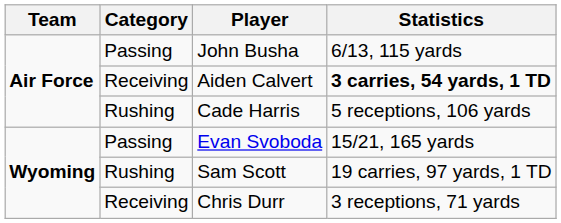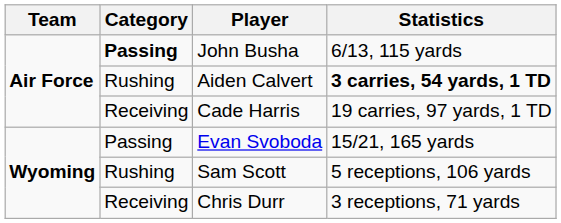 <table class="wikitable" style="float: right;">
 <tr>
 <th>Team</th>
 <th>Category</th>
 <th>Player</th>
 <th>Statistics</th>
 </tr>
 <tr>
 <td rowspan=3><strong>Air Force</strong></td>
-<td>Passing</td>
+<td><strong>Passing</strong></td>
 <td>John Busha</td>
 <td>6/13, 115 yards</td>
 </tr>
 <tr>
-<td>Receiving</td>
+<td>Rushing</td>
 <td>Aiden Calvert</td>
 <td><strong>3 carries, 54 yards, 1 TD</strong></td>
 </tr>
 <tr>
-<td>Rushing</td>
+<td>Receiving</td>
 <td>Cade Harris</td>
-<td>5 receptions, 106 yards</td>
+<td>19 carries, 97 yards, 1 TD</td>
 </tr>
 <tr>
 <td rowspan=3><strong>Wyoming</strong></td>
 <td>Passing</td>
 <td><a href='#'>Evan Svoboda</a></td>
 <td>15/21, 165 yards</td>
 </tr>
 <tr>
 <td>Rushing</td>
 <td>Sam Scott</td>
-<td>19 carries, 97 yards, 1 TD</td>
+<td>5 receptions, 106 yards</td>
 </tr>
 <tr>
 <td>Receiving</td>
 <td>Chris Durr</td>
 <td>3 receptions, 71 yards</td>
 </tr>
 </table>
